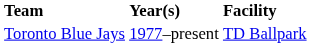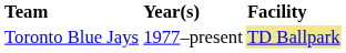 <table>
 <tr>
 <td><strong>Team</strong></td>
 <td><strong>Year(s)</strong></td>
 <td><strong>Facility</strong></td>
 </tr>
 <tr>
 <td><a href='#'>Toronto Blue Jays</a></td>
 <td><a href='#'>1977</a>–present</td>
-<td><a href='#'>TD Ballpark</a></td>
+<td style="background: khaki;"><a href='#'>TD Ballpark</a></td>
 </tr>
 <tr>
 </tr>
 </table>
